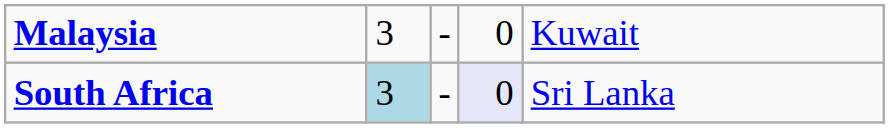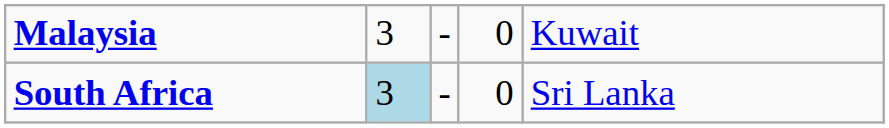 <table class="wikitable">
 <tr>
 <td width=150> <strong><a href='#'>Malaysia</a></strong></td>
 <td style="width:20px; text-align:left;">3</td>
 <td>-</td>
 <td style="width:20px; text-align:right;">0</td>
 <td width=150> <a href='#'>Kuwait</a></td>
 </tr>
 <tr>
 <td> <strong><a href='#'>South Africa</a></strong></td>
 <td style="background: lightblue; text-align:left;">3</td>
 <td>-</td>
-<td style="background: lavender; text-align:right;">0</td>
+<td style="text-align:right;">0</td>
 <td> <a href='#'>Sri Lanka</a></td>
 </tr>
 </table>
